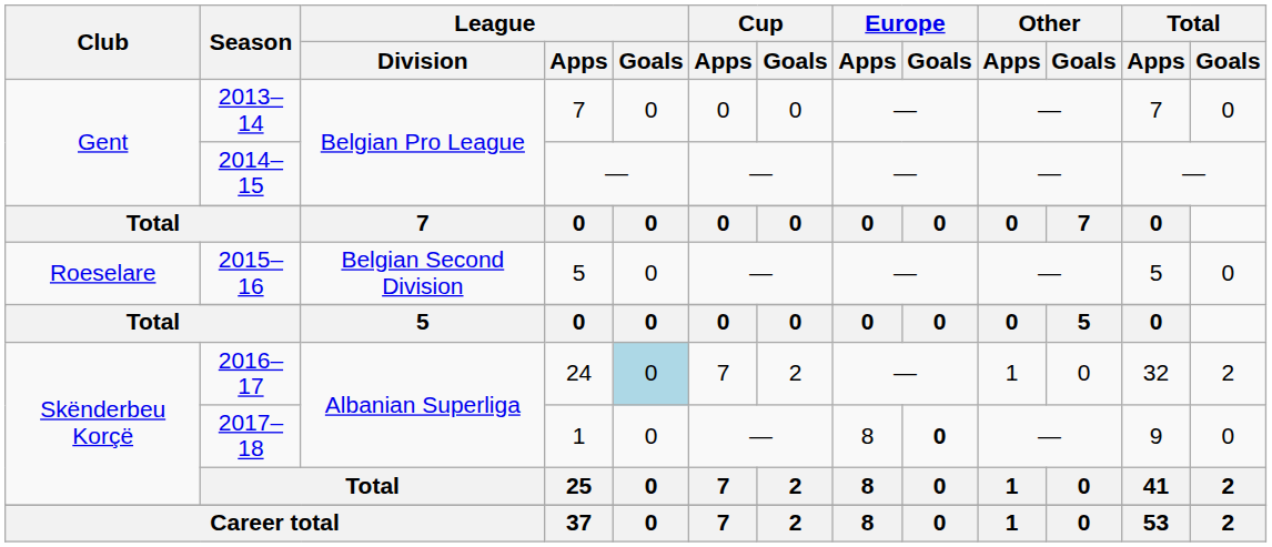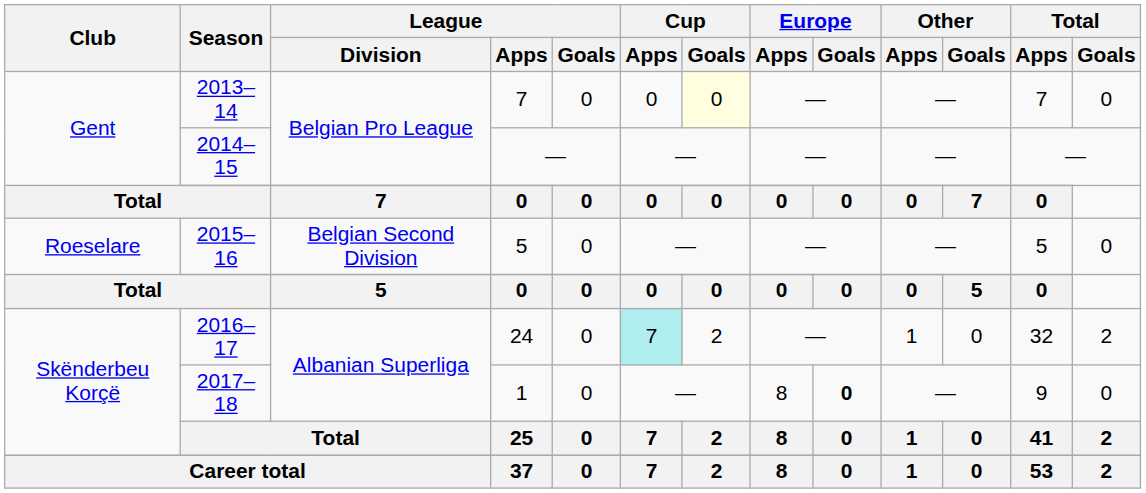 <table class="wikitable" style="text-align:center">
 <tr>
 <th rowspan="2">Club</th>
 <th rowspan="2">Season</th>
 <th colspan="3">League</th>
 <th colspan="2">Cup</th>
 <th colspan="2"><a href='#'>Europe</a></th>
 <th colspan="2">Other</th>
 <th colspan="2">Total</th>
 </tr>
 <tr>
 <th>Division</th>
 <th>Apps</th>
 <th>Goals</th>
 <th>Apps</th>
 <th>Goals</th>
 <th>Apps</th>
 <th>Goals</th>
 <th>Apps</th>
 <th>Goals</th>
 <th>Apps</th>
 <th>Goals</th>
 </tr>
 <tr>
 <td rowspan="3" valign="center"><a href='#'>Gent</a></td>
 <td><a href='#'>2013–14</a></td>
 <td rowspan="2"><a href='#'>Belgian Pro League</a></td>
 <td>7</td>
 <td>0</td>
 <td>0</td>
-<td>0</td>
+<td style="background: lightyellow;">0</td>
 <td colspan="2">—</td>
 <td colspan="2">—</td>
 <td>7</td>
 <td>0</td>
 </tr>
 <tr>
 <td><a href='#'>2014–15</a></td>
 <td colspan="2">—</td>
 <td colspan="2">—</td>
 <td colspan="2">—</td>
 <td colspan="2">—</td>
 <td colspan="2">—</td>
 </tr>
 <tr>
 </tr>
 <tr>
 <th colspan="2" valign="center">Total</th>
 <th>7</th>
 <th>0</th>
 <th>0</th>
 <th>0</th>
 <th>0</th>
 <th>0</th>
 <th>0</th>
 <th>0</th>
 <th>7</th>
 <th>0</th>
 </tr>
 <tr>
 <td rowspan="2" valign="center"><a href='#'>Roeselare</a></td>
 <td><a href='#'>2015–16</a></td>
 <td rowspan="1"><a href='#'>Belgian Second Division</a></td>
 <td>5</td>
 <td>0</td>
 <td colspan="2">—</td>
 <td colspan="2">—</td>
 <td colspan="2">—</td>
 <td>5</td>
 <td>0</td>
 </tr>
 <tr>
 </tr>
 <tr>
 <th colspan="2" valign="center">Total</th>
 <th>5</th>
 <th>0</th>
 <th>0</th>
 <th>0</th>
 <th>0</th>
 <th>0</th>
 <th>0</th>
 <th>0</th>
 <th>5</th>
 <th>0</th>
 </tr>
 <tr>
 <td rowspan="3" valign="center"><a href='#'>Skënderbeu Korçë</a></td>
 <td><a href='#'>2016–17</a></td>
 <td rowspan="2"><a href='#'>Albanian Superliga</a></td>
 <td>24</td>
-<td style="background: lightblue;">0</td>
-<td>7</td>
+<td>0</td>
+<td style="background: paleturquoise;">7</td>
 <td>2</td>
 <td colspan="2">—</td>
 <td>1</td>
 <td>0</td>
 <td>32</td>
 <td>2</td>
 </tr>
 <tr>
 <td><a href='#'>2017–18</a></td>
 <td>1</td>
 <td>0</td>
 <td colspan="2">—</td>
 <td>8</td>
 <td><strong>0</strong></td>
 <td colspan="2">—</td>
 <td>9</td>
 <td>0</td>
 </tr>
 <tr>
 <th colspan="2" valign="center">Total</th>
 <th>25</th>
 <th>0</th>
 <th>7</th>
 <th>2</th>
 <th>8</th>
 <th>0</th>
 <th>1</th>
 <th>0</th>
 <th>41</th>
 <th>2</th>
 </tr>
 <tr>
 </tr>
 <tr>
 <th colspan="3">Career total</th>
 <th>37</th>
 <th>0</th>
 <th>7</th>
 <th>2</th>
 <th>8</th>
 <th>0</th>
 <th>1</th>
 <th>0</th>
 <th>53</th>
 <th>2</th>
 </tr>
 </table>
